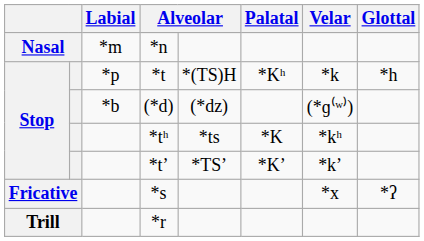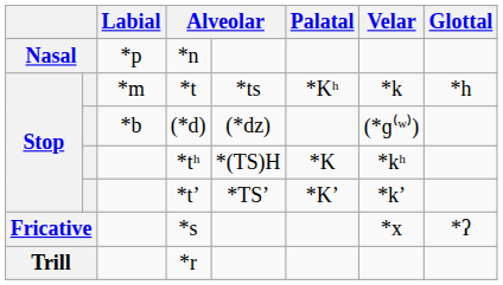 <table class="wikitable" style="text-align:center;">
 <tr>
 <th colspan="2"></th>
 <th><a href='#'>Labial</a></th>
 <th colspan="2"><a href='#'>Alveolar</a></th>
 <th><a href='#'>Palatal</a></th>
 <th><a href='#'>Velar</a></th>
 <th><a href='#'>Glottal</a></th>
 </tr>
 <tr>
 <th colspan="2"><a href='#'>Nasal</a></th>
-<td>*m</td>
+<td>*p</td>
 <td>*n</td>
 <td></td>
 <td></td>
 <td></td>
 <td></td>
 </tr>
 <tr>
 <th rowspan="4"><a href='#'>Stop</a></th>
 <th></th>
-<td>*p</td>
+<td>*m</td>
 <td>*t</td>
-<td>*(TS)H</td>
+<td>*ts</td>
 <td>*Kʰ</td>
 <td>*k</td>
 <td>*h</td>
 </tr>
 <tr>
 <th></th>
 <td>*b</td>
 <td>(*d)</td>
 <td>(*dz)</td>
 <td></td>
 <td>(*ɡ⁽ʷ⁾)</td>
 <td></td>
 </tr>
 <tr>
 <th></th>
 <td></td>
 <td>*tʰ</td>
-<td>*ts</td>
+<td>*(TS)H</td>
 <td>*K</td>
 <td>*kʰ</td>
 <td></td>
 </tr>
 <tr>
 <th></th>
 <td></td>
 <td>*tʼ</td>
 <td>*TSʼ</td>
 <td>*Kʼ</td>
 <td>*kʼ</td>
 <td></td>
 </tr>
 <tr>
 <th colspan="2"><a href='#'>Fricative</a></th>
 <td></td>
 <td>*s</td>
 <td></td>
 <td></td>
 <td>*x</td>
 <td>*ʔ</td>
 </tr>
 <tr>
 <th colspan="2">Trill</th>
 <td></td>
 <td>*r</td>
 <td></td>
 <td></td>
 <td></td>
 <td></td>
 </tr>
 </table>
